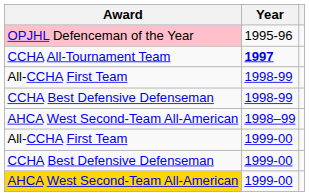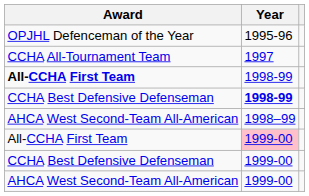 <table class="wikitable">
 <tr>
 <th>Award</th>
 <th>Year</th>
 <th></th>
 </tr>
 <tr>
-<td style="background: pink;"><a href='#'>OPJHL</a> Defenceman of the Year</td>
+<td><a href='#'>OPJHL</a> Defenceman of the Year</td>
 <td>1995-96</td>
 <td></td>
 </tr>
 <tr>
 <td><a href='#'>CCHA</a> <a href='#'>All-Tournament Team</a></td>
-<td><strong><a href='#'>1997</a></strong></td>
+<td><a href='#'>1997</a></td>
 <td></td>
 </tr>
 <tr>
-<td>All-<a href='#'>CCHA</a> <a href='#'>First Team</a></td>
+<td><strong>All-<a href='#'>CCHA</a> <a href='#'>First Team</a></strong></td>
 <td><a href='#'>1998-99</a></td>
 <td></td>
 </tr>
 <tr>
 <td><a href='#'>CCHA</a> <a href='#'>Best Defensive Defenseman</a></td>
-<td><a href='#'>1998-99</a></td>
+<td><strong><a href='#'>1998-99</a></strong></td>
 <td></td>
 </tr>
 <tr>
 <td><a href='#'>AHCA</a> <a href='#'>West Second-Team All-American</a></td>
 <td><a href='#'>1998–99</a></td>
 <td></td>
 </tr>
 <tr>
 <td>All-<a href='#'>CCHA</a> <a href='#'>First Team</a></td>
-<td><a href='#'>1999-00</a></td>
+<td style="background: pink;"><a href='#'>1999-00</a></td>
 <td></td>
 </tr>
 <tr>
 <td><a href='#'>CCHA</a> <a href='#'>Best Defensive Defenseman</a></td>
 <td><a href='#'>1999-00</a></td>
 <td></td>
 </tr>
 <tr>
-<td style="background: gold;"><a href='#'>AHCA</a> <a href='#'>West Second-Team All-American</a></td>
+<td><a href='#'>AHCA</a> <a href='#'>West Second-Team All-American</a></td>
 <td><a href='#'>1999-00</a></td>
 <td></td>
 </tr>
 </table>
